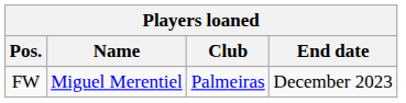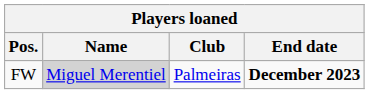 <table class="wikitable" style="font-size:95%;">
 <tr>
 <th colspan="6">Players loaned</th>
 </tr>
 <tr>
 <th>Pos.</th>
 <th>Name</th>
 <th>Club</th>
 <th>End date</th>
 </tr>
 <tr>
 <td align="center">FW</td>
-<td> <a href='#'>Miguel Merentiel</a></td>
+<td style="background: lightgrey;"> <a href='#'>Miguel Merentiel</a></td>
 <td> <a href='#'>Palmeiras</a></td>
-<td>December 2023</td>
+<td><strong>December 2023</strong></td>
 </tr>
 </table>
